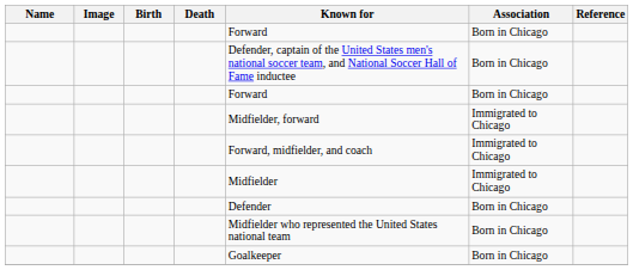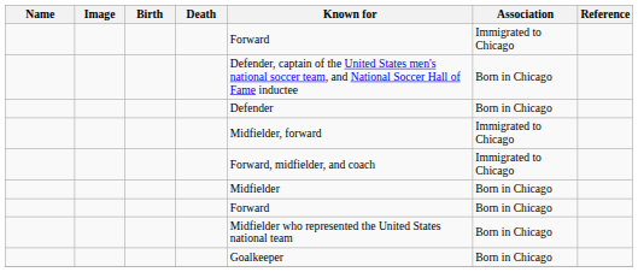 <table class="wikitable sortable">
 <tr>
 <th scope="col" width="140">Name</th>
 <th scope="col" width="80" class="unsortable">Image</th>
 <th scope="col" width="90">Birth</th>
 <th scope="col" width="90">Death</th>
 <th scope="col" width="600" class="unsortable">Known for</th>
 <th scope="col" width="200" class="unsortable">Association</th>
 <th scope="col" width="30" class="unsortable">Reference</th>
 </tr>
 <tr>
 <td></td>
 <td></td>
 <td align="right"></td>
 <td></td>
 <td>Forward</td>
-<td>Born in Chicago</td>
+<td>Immigrated to Chicago</td>
 <td></td>
 </tr>
 <tr>
 <td></td>
 <td></td>
 <td align=right></td>
 <td></td>
 <td>Defender, captain of the <a href='#'>United States men's national soccer team</a>, and <a href='#'>National Soccer Hall of Fame</a> inductee</td>
 <td>Born in Chicago</td>
 <td align="center"></td>
 </tr>
 <tr>
 <td></td>
 <td></td>
 <td align=right></td>
 <td></td>
-<td>Forward</td>
+<td>Defender</td>
 <td>Born in Chicago</td>
 <td></td>
 </tr>
 <tr>
 <td></td>
 <td></td>
 <td align=right></td>
 <td></td>
 <td>Midfielder, forward</td>
 <td>Immigrated to Chicago</td>
 <td></td>
 </tr>
 <tr>
 <td></td>
 <td></td>
 <td align=right></td>
 <td></td>
 <td>Forward, midfielder, and coach</td>
 <td>Immigrated to Chicago</td>
 <td></td>
 </tr>
 <tr>
 <td></td>
 <td></td>
 <td align=right></td>
 <td></td>
 <td>Midfielder</td>
-<td>Immigrated to Chicago</td>
+<td>Born in Chicago</td>
 <td></td>
 </tr>
 <tr>
 <td></td>
 <td></td>
 <td align=right></td>
 <td></td>
-<td>Defender</td>
+<td>Forward</td>
 <td>Born in Chicago</td>
 <td></td>
 </tr>
 <tr>
 <td></td>
 <td></td>
 <td align=right></td>
 <td align=right></td>
 <td>Midfielder who represented the United States national team</td>
 <td>Born in Chicago</td>
 <td></td>
 </tr>
 <tr>
 <td></td>
 <td></td>
 <td align=right></td>
 <td></td>
 <td>Goalkeeper</td>
 <td>Born in Chicago</td>
 <td></td>
 </tr>
 <tr>
 </tr>
 </table>
